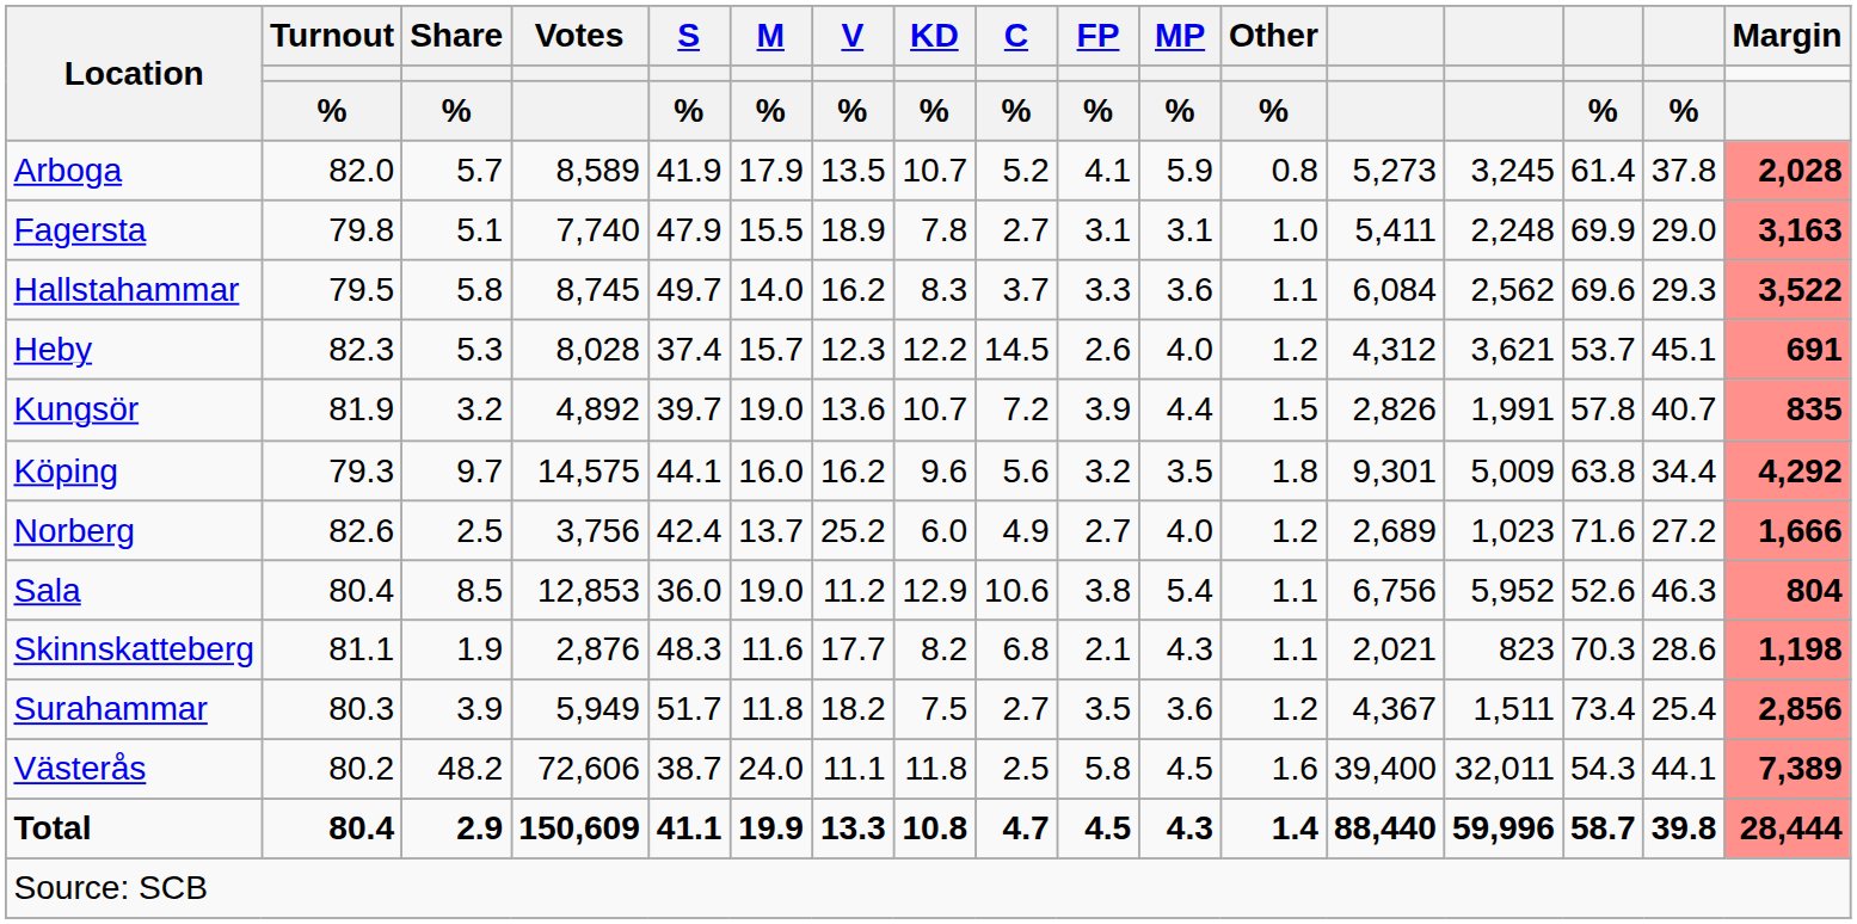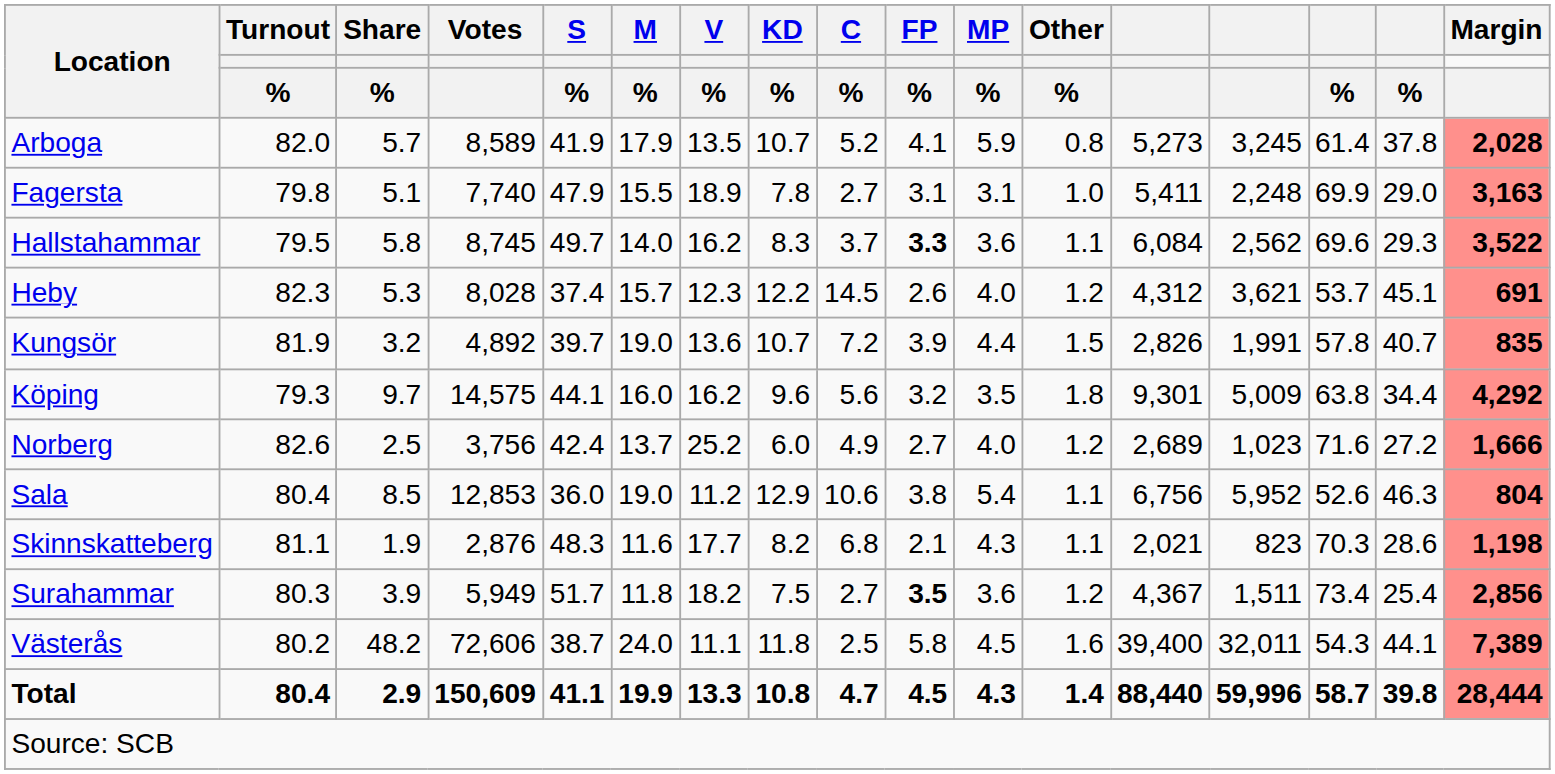 <table class="wikitable sortable" style="text-align:right; font-size:95%; line-height:20px;">
 <tr>
 <th rowspan="3">Location</th>
 <th>Turnout</th>
 <th>Share</th>
 <th>Votes</th>
 <th width="30px" class="unsortable"><a href='#'>S</a></th>
 <th width="30px" class="unsortable"><a href='#'>M</a></th>
 <th width="30px" class="unsortable"><a href='#'>V</a></th>
 <th width="30px" class="unsortable"><a href='#'>KD</a></th>
 <th width="30px" class="unsortable"><a href='#'>C</a></th>
 <th width="30px" class="unsortable"><a href='#'>FP</a></th>
 <th width="30px" class="unsortable"><a href='#'>MP</a></th>
 <th width="30px" class="unsortable">Other</th>
 <th></th>
 <th></th>
 <th></th>
 <th></th>
 <th>Margin</th>
 </tr>
 <tr>
 <th></th>
 <th></th>
 <th></th>
 <th style="background:"></th>
 <th style="background:"></th>
 <th style="background:"></th>
 <th style="background:"></th>
 <th style="background:"></th>
 <th style="background:"></th>
 <th style="background:"></th>
 <th style="background:"></th>
 <th style="background:"></th>
 <th style="background:"></th>
 <th style="background:"></th>
 <th style="background:"></th>
 </tr>
 <tr>
 <th data-sort-type="number">%</th>
 <th data-sort-type="number">%</th>
 <th></th>
 <th data-sort-type="number">%</th>
 <th data-sort-type="number">%</th>
 <th data-sort-type="number">%</th>
 <th data-sort-type="number">%</th>
 <th data-sort-type="number">%</th>
 <th data-sort-type="number">%</th>
 <th data-sort-type="number">%</th>
 <th data-sort-type="number">%</th>
 <th data-sort-type="number"></th>
 <th data-sort-type="number"></th>
 <th data-sort-type="number">%</th>
 <th data-sort-type="number">%</th>
 <th data-sort-type="number"></th>
 </tr>
 <tr>
 <td align=left><a href='#'>Arboga</a></td>
 <td>82.0</td>
 <td>5.7</td>
 <td>8,589</td>
 <td>41.9</td>
 <td>17.9</td>
 <td>13.5</td>
 <td>10.7</td>
 <td>5.2</td>
 <td>4.1</td>
 <td>5.9</td>
 <td>0.8</td>
 <td>5,273</td>
 <td>3,245</td>
 <td>61.4</td>
 <td>37.8</td>
 <td bgcolor=#ff908c><strong>2,028</strong></td>
 </tr>
 <tr>
 <td align=left><a href='#'>Fagersta</a></td>
 <td>79.8</td>
 <td>5.1</td>
 <td>7,740</td>
 <td>47.9</td>
 <td>15.5</td>
 <td>18.9</td>
 <td>7.8</td>
 <td>2.7</td>
 <td>3.1</td>
 <td>3.1</td>
 <td>1.0</td>
 <td>5,411</td>
 <td>2,248</td>
 <td>69.9</td>
 <td>29.0</td>
 <td bgcolor=#ff908c><strong>3,163</strong></td>
 </tr>
 <tr>
 <td align=left><a href='#'>Hallstahammar</a></td>
 <td>79.5</td>
 <td>5.8</td>
 <td>8,745</td>
 <td>49.7</td>
 <td>14.0</td>
 <td>16.2</td>
 <td>8.3</td>
 <td>3.7</td>
-<td>3.3</td>
+<td><strong>3.3</strong></td>
 <td>3.6</td>
 <td>1.1</td>
 <td>6,084</td>
 <td>2,562</td>
 <td>69.6</td>
 <td>29.3</td>
 <td bgcolor=#ff908c><strong>3,522</strong></td>
 </tr>
 <tr>
 <td align=left><a href='#'>Heby</a></td>
 <td>82.3</td>
 <td>5.3</td>
 <td>8,028</td>
 <td>37.4</td>
 <td>15.7</td>
 <td>12.3</td>
 <td>12.2</td>
 <td>14.5</td>
 <td>2.6</td>
 <td>4.0</td>
 <td>1.2</td>
 <td>4,312</td>
 <td>3,621</td>
 <td>53.7</td>
 <td>45.1</td>
 <td bgcolor=#ff908c><strong>691</strong></td>
 </tr>
 <tr>
 <td align=left><a href='#'>Kungsör</a></td>
 <td>81.9</td>
 <td>3.2</td>
 <td>4,892</td>
 <td>39.7</td>
 <td>19.0</td>
 <td>13.6</td>
 <td>10.7</td>
 <td>7.2</td>
 <td>3.9</td>
 <td>4.4</td>
 <td>1.5</td>
 <td>2,826</td>
 <td>1,991</td>
 <td>57.8</td>
 <td>40.7</td>
 <td bgcolor=#ff908c><strong>835</strong></td>
 </tr>
 <tr>
 <td align=left><a href='#'>Köping</a></td>
 <td>79.3</td>
 <td>9.7</td>
 <td>14,575</td>
 <td>44.1</td>
 <td>16.0</td>
 <td>16.2</td>
 <td>9.6</td>
 <td>5.6</td>
 <td>3.2</td>
 <td>3.5</td>
 <td>1.8</td>
 <td>9,301</td>
 <td>5,009</td>
 <td>63.8</td>
 <td>34.4</td>
 <td bgcolor=#ff908c><strong>4,292</strong></td>
 </tr>
 <tr>
 <td align=left><a href='#'>Norberg</a></td>
 <td>82.6</td>
 <td>2.5</td>
 <td>3,756</td>
 <td>42.4</td>
 <td>13.7</td>
 <td>25.2</td>
 <td>6.0</td>
 <td>4.9</td>
 <td>2.7</td>
 <td>4.0</td>
 <td>1.2</td>
 <td>2,689</td>
 <td>1,023</td>
 <td>71.6</td>
 <td>27.2</td>
 <td bgcolor=#ff908c><strong>1,666</strong></td>
 </tr>
 <tr>
 <td align=left><a href='#'>Sala</a></td>
 <td>80.4</td>
 <td>8.5</td>
 <td>12,853</td>
 <td>36.0</td>
 <td>19.0</td>
 <td>11.2</td>
 <td>12.9</td>
 <td>10.6</td>
 <td>3.8</td>
 <td>5.4</td>
 <td>1.1</td>
 <td>6,756</td>
 <td>5,952</td>
 <td>52.6</td>
 <td>46.3</td>
 <td bgcolor=#ff908c><strong>804</strong></td>
 </tr>
 <tr>
 <td align=left><a href='#'>Skinnskatteberg</a></td>
 <td>81.1</td>
 <td>1.9</td>
 <td>2,876</td>
 <td>48.3</td>
 <td>11.6</td>
 <td>17.7</td>
 <td>8.2</td>
 <td>6.8</td>
 <td>2.1</td>
 <td>4.3</td>
 <td>1.1</td>
 <td>2,021</td>
 <td>823</td>
 <td>70.3</td>
 <td>28.6</td>
 <td bgcolor=#ff908c><strong>1,198</strong></td>
 </tr>
 <tr>
 <td align=left><a href='#'>Surahammar</a></td>
 <td>80.3</td>
 <td>3.9</td>
 <td>5,949</td>
 <td>51.7</td>
 <td>11.8</td>
 <td>18.2</td>
 <td>7.5</td>
 <td>2.7</td>
-<td>3.5</td>
+<td><strong>3.5</strong></td>
 <td>3.6</td>
 <td>1.2</td>
 <td>4,367</td>
 <td>1,511</td>
 <td>73.4</td>
 <td>25.4</td>
 <td bgcolor=#ff908c><strong>2,856</strong></td>
 </tr>
 <tr>
 <td align=left><a href='#'>Västerås</a></td>
 <td>80.2</td>
 <td>48.2</td>
 <td>72,606</td>
 <td>38.7</td>
 <td>24.0</td>
 <td>11.1</td>
 <td>11.8</td>
 <td>2.5</td>
 <td>5.8</td>
 <td>4.5</td>
 <td>1.6</td>
 <td>39,400</td>
 <td>32,011</td>
 <td>54.3</td>
 <td>44.1</td>
 <td bgcolor=#ff908c><strong>7,389</strong></td>
 </tr>
 <tr>
 <td align=left><strong>Total</strong></td>
 <td><strong>80.4</strong></td>
 <td><strong>2.9</strong></td>
 <td><strong>150,609</strong></td>
 <td><strong>41.1</strong></td>
 <td><strong>19.9</strong></td>
 <td><strong>13.3</strong></td>
 <td><strong>10.8</strong></td>
 <td><strong>4.7</strong></td>
 <td><strong>4.5</strong></td>
 <td><strong>4.3</strong></td>
 <td><strong>1.4</strong></td>
 <td><strong>88,440</strong></td>
 <td><strong>59,996</strong></td>
 <td><strong>58.7</strong></td>
 <td><strong>39.8</strong></td>
 <td bgcolor=#ff908c><strong>28,444</strong></td>
 </tr>
 <tr>
 <td align=left colspan=17>Source: SCB </td>
 </tr>
 </table>
